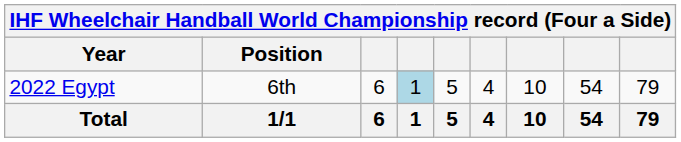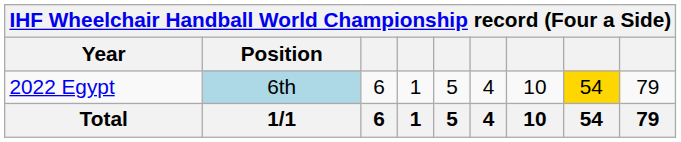 <table class="wikitable" style="text-align: center;">
 <tr>
 <th colspan=10><a href='#'>IHF Wheelchair Handball World Championship</a> record (Four a Side)</th>
 </tr>
 <tr>
 <th>Year</th>
 <th>Position</th>
 <th></th>
 <th></th>
 <th></th>
 <th></th>
 <th></th>
 <th></th>
 <th></th>
 </tr>
 <tr>
 <td align=left> <a href='#'>2022 Egypt</a></td>
-<td>6th</td>
+<td style="background: lightblue;">6th</td>
 <td>6</td>
-<td style="background: lightblue;">1</td>
+<td>1</td>
 <td>5</td>
 <td>4</td>
 <td>10</td>
-<td>54</td>
+<td style="background: gold;">54</td>
 <td>79</td>
 </tr>
 <tr>
 <th>Total</th>
 <th>1/1</th>
 <th>6</th>
 <th>1</th>
 <th>5</th>
 <th>4</th>
 <th>10</th>
 <th>54</th>
 <th>79</th>
 </tr>
 </table>
